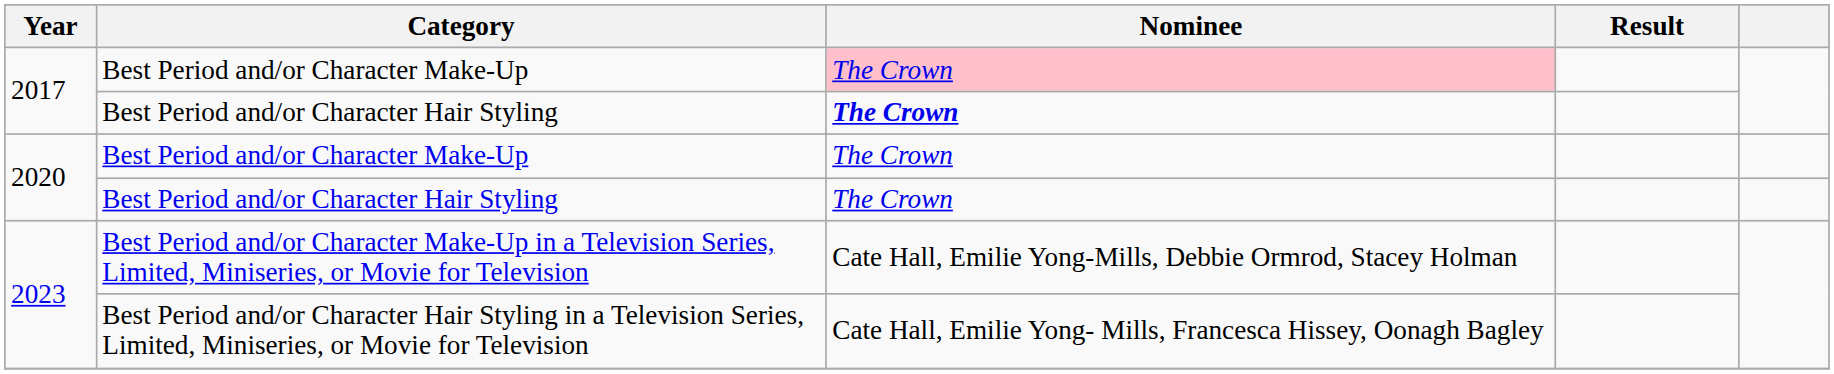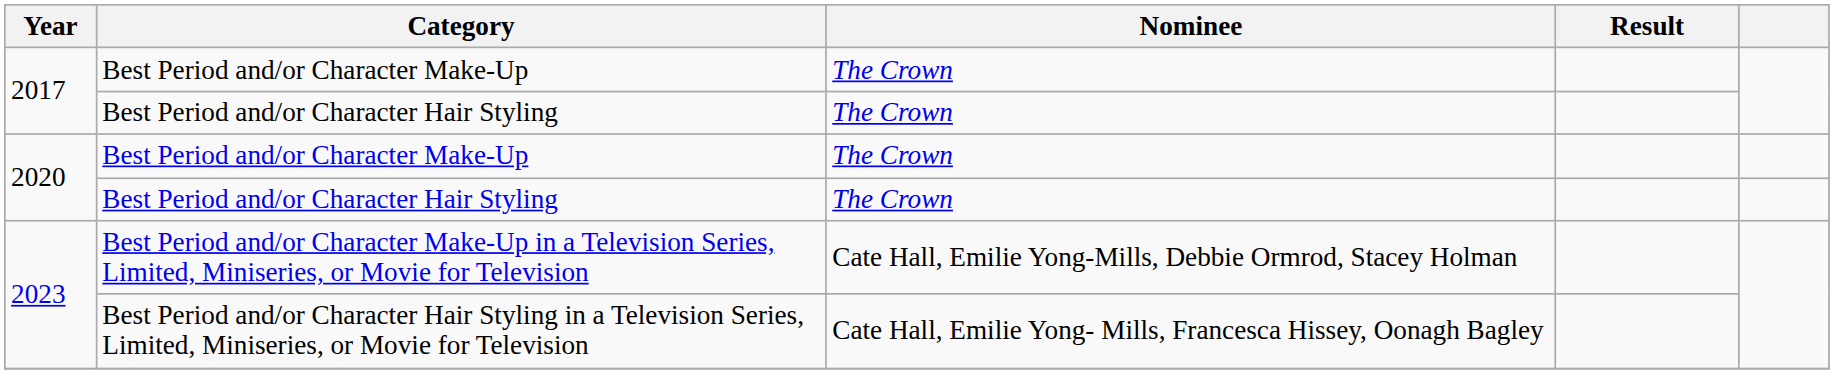 <table class="wikitable" style="width:85%;">
 <tr>
 <th width=5%>Year</th>
 <th style="width:40%;">Category</th>
 <th style="width:40%;">Nominee</th>
 <th style="width:10%;">Result</th>
 <th width=5%></th>
 </tr>
 <tr>
 <td vstyle="text-align: center;"rowspan="2">2017</td>
 <td>Best Period and/or Character Make-Up</td>
-<td style="background: pink;"><em><a href='#'>The Crown</a></em></td>
+<td><em><a href='#'>The Crown</a></em></td>
 <td></td>
 <td rowspan="2"></td>
 </tr>
 <tr>
 <td>Best Period and/or Character Hair Styling</td>
-<td><strong><em><a href='#'>The Crown</a></em></strong></td>
+<td><em><a href='#'>The Crown</a></em></td>
 <td></td>
 </tr>
 <tr>
 <td vstyle="text-align: center;"rowspan="2">2020</td>
 <td><a href='#'>Best Period and/or Character Make-Up</a></td>
 <td><em><a href='#'>The Crown</a></em></td>
 <td></td>
 <td></td>
 </tr>
 <tr>
 <td><a href='#'>Best Period and/or Character Hair Styling</a></td>
 <td><em><a href='#'>The Crown</a></em></td>
 <td></td>
 <td></td>
 </tr>
 <tr>
 <td rowspan="2"><a href='#'>2023</a></td>
 <td><a href='#'>Best Period and/or Character Make-Up in a Television Series, Limited, Miniseries, or Movie for Television</a></td>
 <td>Cate Hall, Emilie Yong-Mills, Debbie Ormrod, Stacey Holman</td>
 <td></td>
 <td align="center" rowspan="2"></td>
 </tr>
 <tr>
 <td>Best Period and/or Character Hair Styling in a Television Series, Limited, Miniseries, or Movie for Television</td>
 <td>Cate Hall, Emilie Yong- Mills, Francesca Hissey, Oonagh Bagley</td>
 <td></td>
 </tr>
 <tr>
 </tr>
 </table>
